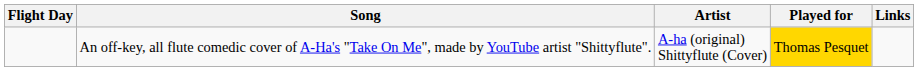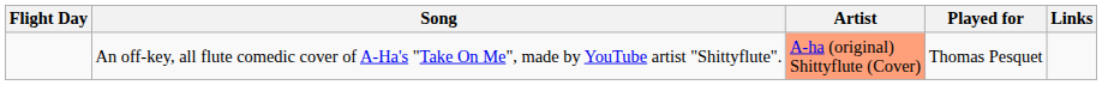 <table class=wikitable>
 <tr>
 <th>Flight Day</th>
 <th>Song</th>
 <th>Artist</th>
 <th>Played for</th>
 <th class="unsortable">Links</th>
 </tr>
 <tr>
 <td></td>
 <td>An off-key, all flute comedic cover of <a href='#'>A-Ha's</a> "<a href='#'>Take On Me</a>", made by <a href='#'>YouTube</a> artist "Shittyflute".</td>
-<td><a href='#'>A-ha</a> (original)<br>Shittyflute (Cover)</td>
-<td style="background: gold;">Thomas Pesquet</td>
+<td style="background: lightsalmon;"><a href='#'>A-ha</a> (original)<br>Shittyflute (Cover)</td>
+<td>Thomas Pesquet</td>
 <td></td>
 </tr>
 </table>
